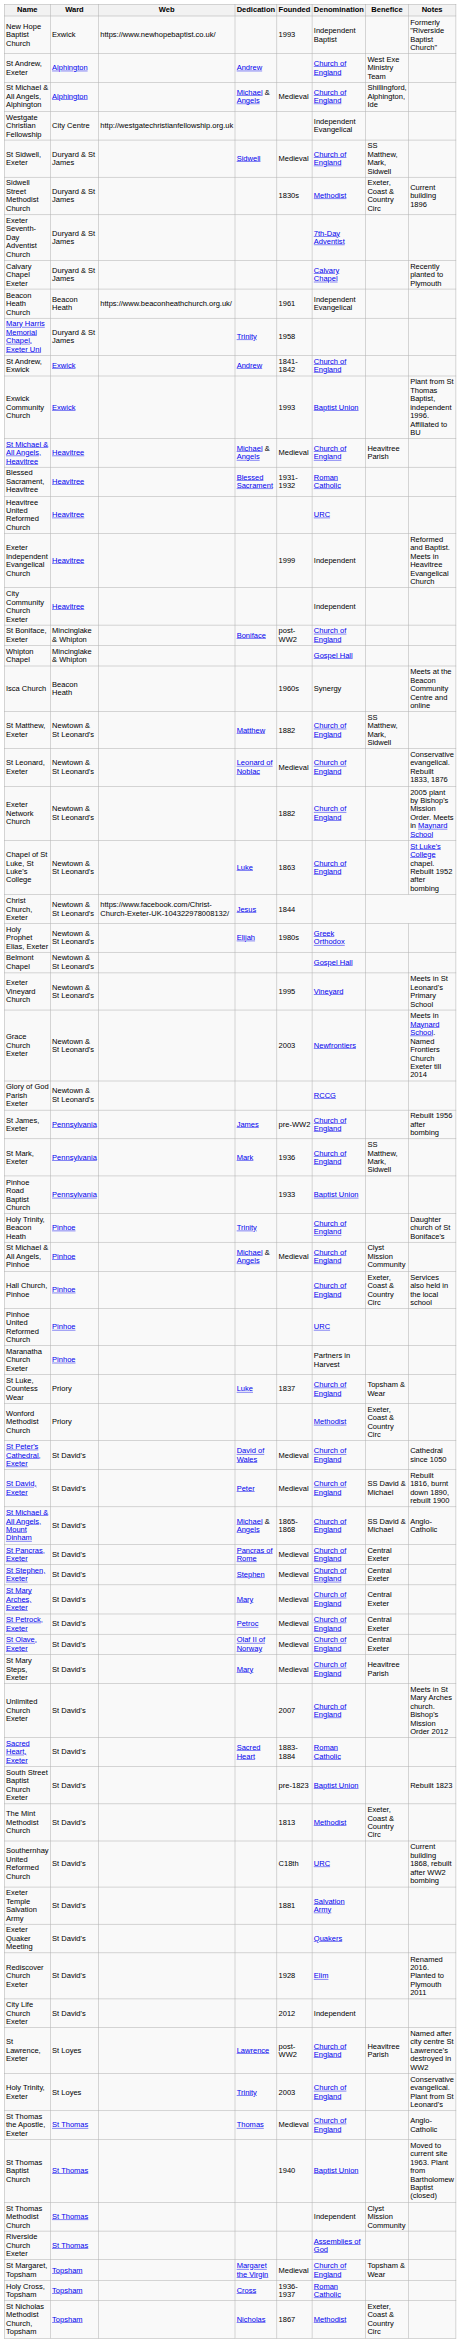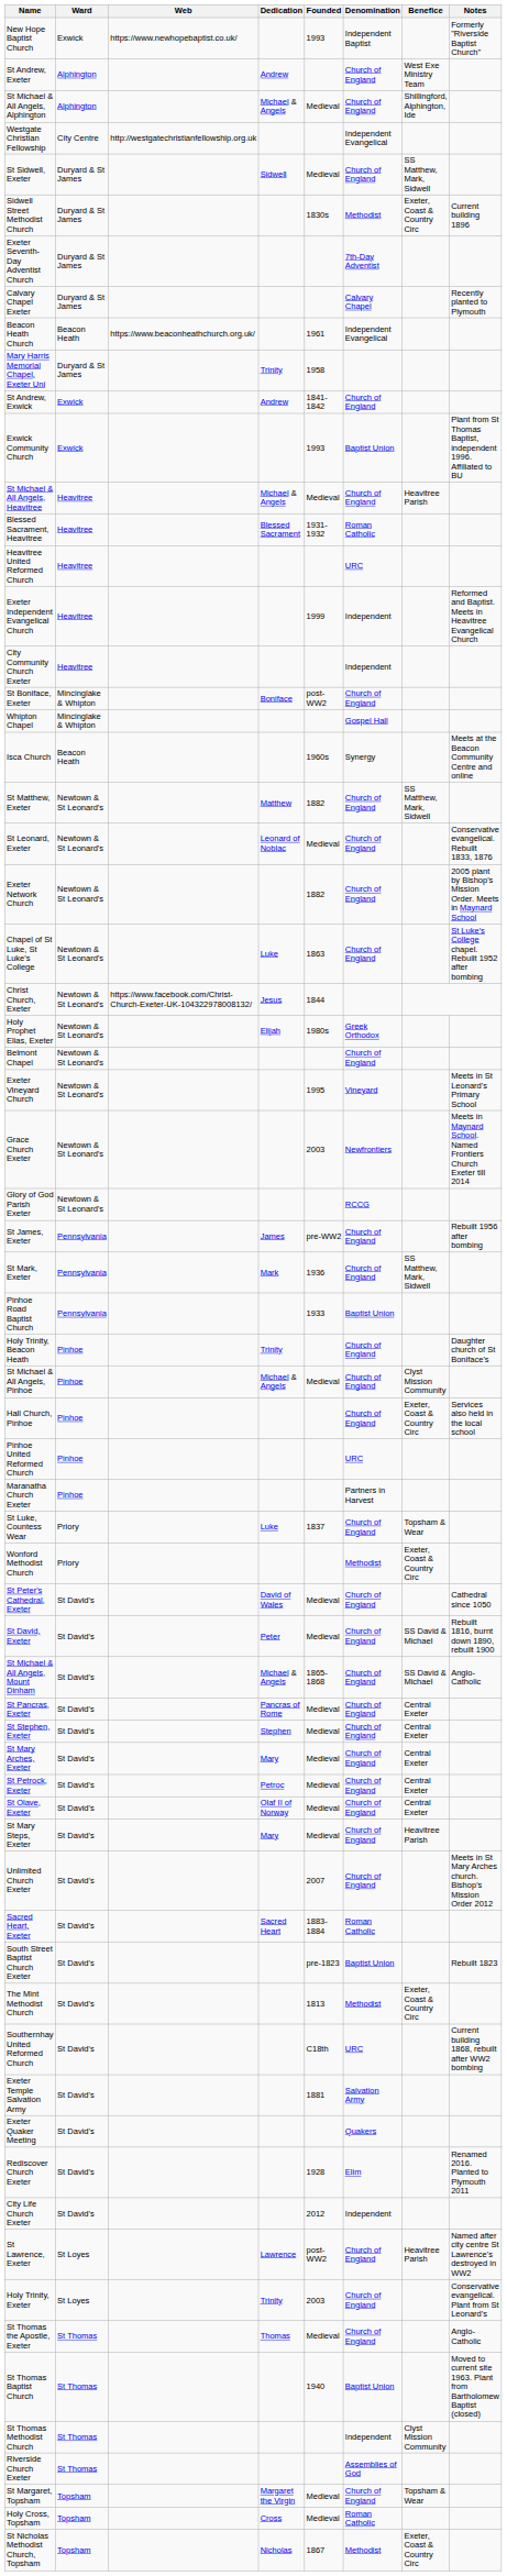 <table class="wikitable sortable">
 <tr>
 <th>Name</th>
 <th>Ward</th>
 <th>Web</th>
 <th>Dedication</th>
 <th>Founded</th>
 <th>Denomination</th>
 <th>Benefice</th>
 <th>Notes</th>
 </tr>
 <tr>
 <td>New Hope Baptist Church  </td>
 <td>Exwick</td>
 <td>https://www.newhopebaptist.co.uk/</td>
 <td></td>
 <td>1993</td>
 <td>Independent Baptist</td>
 <td></td>
 <td>Formerly "Riverside Baptist Church"</td>
 </tr>
 <tr>
 <td>St Andrew, Exeter</td>
 <td><a href='#'>Alphington</a></td>
 <td></td>
 <td><a href='#'>Andrew</a></td>
 <td></td>
 <td><a href='#'>Church of England</a></td>
 <td>West Exe Ministry Team</td>
 <td></td>
 </tr>
 <tr>
 <td>St Michael & All Angels, Alphington</td>
 <td><a href='#'>Alphington</a></td>
 <td></td>
 <td><a href='#'>Michael</a> & <a href='#'>Angels</a></td>
 <td>Medieval</td>
 <td><a href='#'>Church of England</a></td>
 <td>Shillingford, Alphington, Ide</td>
 <td></td>
 </tr>
 <tr>
 <td>Westgate Christian Fellowship</td>
 <td>City Centre</td>
 <td>http://westgatechristianfellowship.org.uk</td>
 <td></td>
 <td></td>
 <td>Independent Evangelical</td>
 <td></td>
 <td></td>
 </tr>
 <tr>
 <td>St Sidwell, Exeter</td>
 <td>Duryard & St James</td>
 <td></td>
 <td><a href='#'>Sidwell</a></td>
 <td>Medieval</td>
 <td><a href='#'>Church of England</a></td>
 <td>SS Matthew, Mark, Sidwell</td>
 <td></td>
 </tr>
 <tr>
 <td>Sidwell Street Methodist Church</td>
 <td>Duryard & St James</td>
 <td></td>
 <td></td>
 <td>1830s</td>
 <td><a href='#'>Methodist</a></td>
 <td>Exeter, Coast & Country Circ</td>
 <td>Current building 1896</td>
 </tr>
 <tr>
 <td>Exeter Seventh-Day Adventist Church</td>
 <td>Duryard & St James</td>
 <td></td>
 <td></td>
 <td></td>
 <td><a href='#'>7th-Day Adventist</a></td>
 <td></td>
 <td></td>
 </tr>
 <tr>
 <td>Calvary Chapel Exeter</td>
 <td>Duryard & St James</td>
 <td></td>
 <td></td>
 <td></td>
 <td><a href='#'>Calvary Chapel</a></td>
 <td></td>
 <td>Recently planted to Plymouth</td>
 </tr>
 <tr>
 <td>Beacon Heath Church</td>
 <td>Beacon Heath</td>
 <td>https://www.beaconheathchurch.org.uk/</td>
 <td></td>
 <td>1961</td>
 <td>Independent Evangelical</td>
 <td></td>
 <td></td>
 </tr>
 <tr>
 <td><a href='#'>Mary Harris Memorial Chapel, Exeter Uni</a></td>
 <td>Duryard & St James</td>
 <td></td>
 <td><a href='#'>Trinity</a></td>
 <td>1958</td>
 <td></td>
 <td></td>
 <td></td>
 </tr>
 <tr>
 <td>St Andrew, Exwick</td>
 <td><a href='#'>Exwick</a></td>
 <td></td>
 <td><a href='#'>Andrew</a></td>
 <td>1841-1842</td>
 <td><a href='#'>Church of England</a></td>
 <td></td>
 <td></td>
 </tr>
 <tr>
 <td>Exwick Community Church</td>
 <td><a href='#'>Exwick</a></td>
 <td></td>
 <td></td>
 <td>1993</td>
 <td><a href='#'>Baptist Union</a></td>
 <td></td>
 <td>Plant from St Thomas Baptist, independent 1996. Affiliated to BU</td>
 </tr>
 <tr>
 <td><a href='#'>St Michael & All Angels, Heavitree</a></td>
 <td><a href='#'>Heavitree</a></td>
 <td></td>
 <td><a href='#'>Michael</a> & <a href='#'>Angels</a></td>
 <td>Medieval</td>
 <td><a href='#'>Church of England</a></td>
 <td>Heavitree Parish</td>
 <td></td>
 </tr>
 <tr>
 <td>Blessed Sacrament, Heavitree</td>
 <td><a href='#'>Heavitree</a></td>
 <td></td>
 <td><a href='#'>Blessed Sacrament</a></td>
 <td>1931-1932</td>
 <td><a href='#'>Roman Catholic</a></td>
 <td></td>
 <td></td>
 </tr>
 <tr>
 <td>Heavitree United Reformed Church</td>
 <td><a href='#'>Heavitree</a></td>
 <td></td>
 <td></td>
 <td></td>
 <td><a href='#'>URC</a></td>
 <td></td>
 <td></td>
 </tr>
 <tr>
 <td>Exeter Independent Evangelical Church</td>
 <td><a href='#'>Heavitree</a></td>
 <td></td>
 <td></td>
 <td>1999</td>
 <td>Independent</td>
 <td></td>
 <td>Reformed and Baptist. Meets in Heavitree Evangelical Church</td>
 </tr>
 <tr>
 <td>City Community Church Exeter</td>
 <td><a href='#'>Heavitree</a></td>
 <td></td>
 <td></td>
 <td></td>
 <td>Independent</td>
 <td></td>
 <td></td>
 </tr>
 <tr>
 <td>St Boniface, Exeter</td>
 <td>Mincinglake & Whipton</td>
 <td></td>
 <td><a href='#'>Boniface</a></td>
 <td>post-WW2</td>
 <td><a href='#'>Church of England</a></td>
 <td></td>
 <td></td>
 </tr>
 <tr>
 <td>Whipton Chapel</td>
 <td>Mincinglake & Whipton</td>
 <td></td>
 <td></td>
 <td></td>
 <td><a href='#'>Gospel Hall</a></td>
 <td></td>
 <td></td>
 </tr>
 <tr>
 <td>Isca Church</td>
 <td>Beacon Heath</td>
 <td></td>
 <td></td>
 <td>1960s</td>
 <td>Synergy</td>
 <td></td>
 <td>Meets at the Beacon Community Centre and online</td>
 </tr>
 <tr>
 <td>St Matthew, Exeter</td>
 <td>Newtown & St Leonard's</td>
 <td></td>
 <td><a href='#'>Matthew</a></td>
 <td>1882</td>
 <td><a href='#'>Church of England</a></td>
 <td>SS Matthew, Mark, Sidwell</td>
 <td></td>
 </tr>
 <tr>
 <td>St Leonard, Exeter</td>
 <td>Newtown & St Leonard's</td>
 <td></td>
 <td><a href='#'>Leonard of Noblac</a></td>
 <td>Medieval</td>
 <td><a href='#'>Church of England</a></td>
 <td></td>
 <td>Conservative evangelical. Rebuilt 1833, 1876</td>
 </tr>
 <tr>
 <td>Exeter Network Church</td>
 <td>Newtown & St Leonard's</td>
 <td></td>
 <td></td>
 <td>1882</td>
 <td><a href='#'>Church of England</a></td>
 <td></td>
 <td>2005 plant by Bishop's Mission Order. Meets in <a href='#'>Maynard School</a></td>
 </tr>
 <tr>
 <td>Chapel of St Luke, St Luke's College</td>
 <td>Newtown & St Leonard's</td>
 <td></td>
 <td><a href='#'>Luke</a></td>
 <td>1863</td>
 <td><a href='#'>Church of England</a></td>
 <td></td>
 <td><a href='#'>St Luke's College</a> chapel. Rebuilt 1952 after bombing</td>
 </tr>
 <tr>
 <td>Christ Church, Exeter</td>
 <td>Newtown & St Leonard's</td>
 <td>https://www.facebook.com/Christ-Church-Exeter-UK-104322978008132/</td>
 <td><a href='#'>Jesus</a></td>
 <td>1844</td>
 <td></td>
 </tr>
 <tr>
 <td>Holy Prophet Elias, Exeter</td>
 <td>Newtown & St Leonard's</td>
 <td></td>
 <td><a href='#'>Elijah</a></td>
 <td>1980s</td>
 <td><a href='#'>Greek Orthodox</a></td>
 <td></td>
 <td></td>
 </tr>
 <tr>
 <td>Belmont Chapel</td>
 <td>Newtown & St Leonard's</td>
 <td></td>
 <td></td>
 <td></td>
-<td><a href='#'>Gospel Hall</a></td>
+<td><a href='#'>Church of England</a></td>
 <td></td>
 <td></td>
 </tr>
 <tr>
 <td>Exeter Vineyard Church</td>
 <td>Newtown & St Leonard's</td>
 <td></td>
 <td></td>
 <td>1995</td>
 <td><a href='#'>Vineyard</a></td>
 <td></td>
 <td>Meets in St Leonard's Primary School</td>
 </tr>
 <tr>
 <td>Grace Church Exeter</td>
 <td>Newtown & St Leonard's</td>
 <td></td>
 <td></td>
 <td>2003</td>
 <td><a href='#'>Newfrontiers</a></td>
 <td></td>
 <td>Meets in <a href='#'>Maynard School</a>. Named Frontiers Church Exeter till 2014</td>
 </tr>
 <tr>
 <td>Glory of God Parish Exeter</td>
 <td>Newtown & St Leonard's</td>
 <td></td>
 <td></td>
 <td></td>
 <td><a href='#'>RCCG</a></td>
 <td></td>
 <td></td>
 </tr>
 <tr>
 <td>St James, Exeter</td>
 <td><a href='#'>Pennsylvania</a></td>
 <td></td>
 <td><a href='#'>James</a></td>
 <td>pre-WW2</td>
 <td><a href='#'>Church of England</a></td>
 <td></td>
 <td>Rebuilt 1956 after bombing</td>
 </tr>
 <tr>
 <td>St Mark, Exeter</td>
 <td><a href='#'>Pennsylvania</a></td>
 <td></td>
 <td><a href='#'>Mark</a></td>
 <td>1936</td>
 <td><a href='#'>Church of England</a></td>
 <td>SS Matthew, Mark, Sidwell</td>
 <td></td>
 </tr>
 <tr>
 <td>Pinhoe Road Baptist Church</td>
 <td><a href='#'>Pennsylvania</a></td>
 <td></td>
 <td></td>
 <td>1933</td>
 <td><a href='#'>Baptist Union</a></td>
 <td></td>
 <td></td>
 </tr>
 <tr>
 <td>Holy Trinity, Beacon Heath</td>
 <td><a href='#'>Pinhoe</a></td>
 <td></td>
 <td><a href='#'>Trinity</a></td>
 <td></td>
 <td><a href='#'>Church of England</a></td>
 <td></td>
 <td>Daughter church of St Boniface's</td>
 </tr>
 <tr>
 <td>St Michael & All Angels, Pinhoe</td>
 <td><a href='#'>Pinhoe</a></td>
 <td></td>
 <td><a href='#'>Michael</a> & <a href='#'>Angels</a></td>
 <td>Medieval</td>
 <td><a href='#'>Church of England</a></td>
 <td>Clyst Mission Community</td>
 <td></td>
 </tr>
 <tr>
 <td>Hall Church, Pinhoe</td>
 <td><a href='#'>Pinhoe</a></td>
 <td></td>
 <td></td>
 <td></td>
 <td><a href='#'>Church of England</a></td>
 <td>Exeter, Coast & Country Circ</td>
 <td>Services also held in the local school</td>
 </tr>
 <tr>
 <td>Pinhoe United Reformed Church</td>
 <td><a href='#'>Pinhoe</a></td>
 <td></td>
 <td></td>
 <td></td>
 <td><a href='#'>URC</a></td>
 <td></td>
 <td></td>
 </tr>
 <tr>
 <td>Maranatha Church Exeter</td>
 <td><a href='#'>Pinhoe</a></td>
 <td></td>
 <td></td>
 <td></td>
 <td>Partners in Harvest</td>
 <td></td>
 <td></td>
 </tr>
 <tr>
 <td>St Luke, Countess Wear</td>
 <td>Priory</td>
 <td></td>
 <td><a href='#'>Luke</a></td>
 <td>1837</td>
 <td><a href='#'>Church of England</a></td>
 <td>Topsham & Wear</td>
 <td></td>
 </tr>
 <tr>
 <td>Wonford Methodist Church</td>
 <td>Priory</td>
 <td></td>
 <td></td>
 <td></td>
 <td><a href='#'>Methodist</a></td>
 <td>Exeter, Coast & Country Circ</td>
 <td></td>
 </tr>
 <tr>
 <td><a href='#'>St Peter's Cathedral, Exeter</a></td>
 <td>St David's</td>
 <td></td>
 <td><a href='#'>David of Wales</a></td>
 <td>Medieval</td>
 <td><a href='#'>Church of England</a></td>
 <td></td>
 <td>Cathedral since 1050</td>
 </tr>
 <tr>
 <td><a href='#'>St David, Exeter</a></td>
 <td>St David's</td>
 <td></td>
 <td><a href='#'>Peter</a></td>
 <td>Medieval</td>
 <td><a href='#'>Church of England</a></td>
 <td>SS David & Michael</td>
 <td>Rebuilt 1816, burnt down 1890, rebuilt 1900</td>
 </tr>
 <tr>
 <td><a href='#'>St Michael & All Angels, Mount Dinham</a></td>
 <td>St David's</td>
 <td></td>
 <td><a href='#'>Michael</a> & <a href='#'>Angels</a></td>
 <td>1865-1868</td>
 <td><a href='#'>Church of England</a></td>
 <td>SS David & Michael</td>
 <td>Anglo-Catholic</td>
 </tr>
 <tr>
 <td><a href='#'>St Pancras, Exeter</a></td>
 <td>St David's</td>
 <td></td>
 <td><a href='#'>Pancras of Rome</a></td>
 <td>Medieval</td>
 <td><a href='#'>Church of England</a></td>
 <td>Central Exeter</td>
 <td></td>
 </tr>
 <tr>
 <td><a href='#'>St Stephen, Exeter</a></td>
 <td>St David's</td>
 <td></td>
 <td><a href='#'>Stephen</a></td>
 <td>Medieval</td>
 <td><a href='#'>Church of England</a></td>
 <td>Central Exeter</td>
 <td></td>
 </tr>
 <tr>
 <td><a href='#'>St Mary Arches, Exeter</a></td>
 <td>St David's</td>
 <td></td>
 <td><a href='#'>Mary</a></td>
 <td>Medieval</td>
 <td><a href='#'>Church of England</a></td>
 <td>Central Exeter</td>
 <td></td>
 </tr>
 <tr>
 <td><a href='#'>St Petrock, Exeter</a></td>
 <td>St David's</td>
 <td></td>
 <td><a href='#'>Petroc</a></td>
 <td>Medieval</td>
 <td><a href='#'>Church of England</a></td>
 <td>Central Exeter</td>
 <td></td>
 </tr>
 <tr>
 <td><a href='#'>St Olave, Exeter</a></td>
 <td>St David's</td>
 <td></td>
 <td><a href='#'>Olaf II of Norway</a></td>
 <td>Medieval</td>
 <td><a href='#'>Church of England</a></td>
 <td>Central Exeter</td>
 <td></td>
 </tr>
 <tr>
 <td>St Mary Steps, Exeter</td>
 <td>St David's</td>
 <td></td>
 <td><a href='#'>Mary</a></td>
 <td>Medieval</td>
 <td><a href='#'>Church of England</a></td>
 <td>Heavitree Parish</td>
 <td></td>
 </tr>
 <tr>
 <td>Unlimited Church Exeter</td>
 <td>St David's</td>
 <td></td>
 <td></td>
 <td>2007</td>
 <td><a href='#'>Church of England</a></td>
 <td></td>
 <td>Meets in St Mary Arches church. Bishop's Mission Order 2012</td>
 </tr>
 <tr>
 <td><a href='#'>Sacred Heart, Exeter</a></td>
 <td>St David's</td>
 <td></td>
 <td><a href='#'>Sacred Heart</a></td>
 <td>1883-1884</td>
 <td><a href='#'>Roman Catholic</a></td>
 <td></td>
 <td></td>
 </tr>
 <tr>
 <td>South Street Baptist Church Exeter</td>
 <td>St David's</td>
 <td></td>
 <td></td>
 <td>pre-1823</td>
 <td><a href='#'>Baptist Union</a></td>
 <td></td>
 <td>Rebuilt 1823</td>
 </tr>
 <tr>
 <td>The Mint Methodist Church</td>
 <td>St David's</td>
 <td></td>
 <td></td>
 <td>1813</td>
 <td><a href='#'>Methodist</a></td>
 <td>Exeter, Coast & Country Circ</td>
 <td></td>
 </tr>
 <tr>
 <td>Southernhay United Reformed Church</td>
 <td>St David's</td>
 <td></td>
 <td></td>
 <td>C18th</td>
 <td><a href='#'>URC</a></td>
 <td></td>
 <td>Current building 1868, rebuilt after WW2 bombing</td>
 </tr>
 <tr>
 <td>Exeter Temple Salvation Army</td>
 <td>St David's</td>
 <td></td>
 <td></td>
 <td>1881</td>
 <td><a href='#'>Salvation Army</a></td>
 <td></td>
 <td></td>
 </tr>
 <tr>
 <td>Exeter Quaker Meeting</td>
 <td>St David's</td>
 <td></td>
 <td></td>
 <td></td>
 <td><a href='#'>Quakers</a></td>
 <td></td>
 <td></td>
 </tr>
 <tr>
 <td>Rediscover Church Exeter</td>
 <td>St David's</td>
 <td></td>
 <td></td>
 <td>1928</td>
 <td><a href='#'>Elim</a></td>
 <td></td>
 <td>Renamed 2016. Planted to Plymouth 2011</td>
 </tr>
 <tr>
 <td>City Life Church Exeter</td>
 <td>St David's</td>
 <td></td>
 <td></td>
 <td>2012</td>
 <td>Independent</td>
 <td></td>
 <td></td>
 </tr>
 <tr>
 <td>St Lawrence, Exeter</td>
 <td>St Loyes</td>
 <td></td>
 <td><a href='#'>Lawrence</a></td>
 <td>post-WW2</td>
 <td><a href='#'>Church of England</a></td>
 <td>Heavitree Parish</td>
 <td>Named after city centre St Lawrence's destroyed in WW2</td>
 </tr>
 <tr>
 <td>Holy Trinity, Exeter</td>
 <td>St Loyes</td>
 <td></td>
 <td><a href='#'>Trinity</a></td>
 <td>2003</td>
 <td><a href='#'>Church of England</a></td>
 <td></td>
 <td>Conservative evangelical. Plant from St Leonard's</td>
 </tr>
 <tr>
 <td>St Thomas the Apostle, Exeter</td>
 <td><a href='#'>St Thomas</a></td>
 <td></td>
 <td><a href='#'>Thomas</a></td>
 <td>Medieval</td>
 <td><a href='#'>Church of England</a></td>
 <td></td>
 <td>Anglo-Catholic</td>
 </tr>
 <tr>
 <td>St Thomas Baptist Church</td>
 <td><a href='#'>St Thomas</a></td>
 <td></td>
 <td></td>
 <td>1940</td>
 <td><a href='#'>Baptist Union</a></td>
 <td></td>
 <td>Moved to current site 1963. Plant from Bartholomew Baptist (closed)</td>
 </tr>
 <tr>
 <td>St Thomas Methodist Church</td>
 <td><a href='#'>St Thomas</a></td>
 <td></td>
 <td></td>
 <td></td>
 <td>Independent</td>
 <td>Clyst Mission Community</td>
 <td></td>
 </tr>
 <tr>
 <td>Riverside Church Exeter</td>
 <td><a href='#'>St Thomas</a></td>
 <td></td>
 <td></td>
 <td></td>
 <td><a href='#'>Assemblies of God</a></td>
 <td></td>
 <td></td>
 </tr>
 <tr>
 <td>St Margaret, Topsham</td>
 <td><a href='#'>Topsham</a></td>
 <td></td>
 <td><a href='#'>Margaret the Virgin</a></td>
 <td>Medieval</td>
 <td><a href='#'>Church of England</a></td>
 <td>Topsham & Wear</td>
 <td></td>
 </tr>
 <tr>
 <td>Holy Cross, Topsham</td>
 <td><a href='#'>Topsham</a></td>
 <td></td>
 <td><a href='#'>Cross</a></td>
-<td>1936-1937</td>
+<td>Medieval</td>
 <td><a href='#'>Roman Catholic</a></td>
 <td></td>
 <td></td>
 </tr>
 <tr>
 <td>St Nicholas Methodist Church, Topsham</td>
 <td><a href='#'>Topsham</a></td>
 <td></td>
 <td><a href='#'>Nicholas</a></td>
 <td>1867</td>
 <td><a href='#'>Methodist</a></td>
 <td>Exeter, Coast & Country Circ</td>
 <td></td>
 </tr>
 </table>
